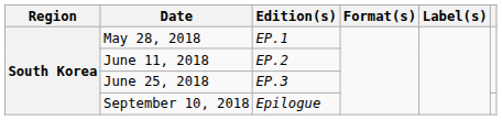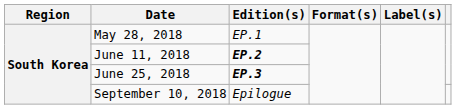 <table class="wikitable plainrowheaders">
 <tr>
 <th scope="col">Region</th>
 <th scope="col">Date</th>
 <th scope="col">Edition(s)</th>
 <th scope="col">Format(s)</th>
 <th scope="col">Label(s)</th>
 <th scope="col"></th>
 </tr>
 <tr>
 <th scope="row" rowspan="4">South Korea</th>
 <td>May 28, 2018</td>
 <td><em>EP.1</em></td>
 <td rowspan="4"></td>
 <td rowspan="4"></td>
 <td style="text-align:center" rowspan="3"></td>
 </tr>
 <tr>
 <td>June 11, 2018</td>
-<td><em>EP.2</em></td>
+<td><strong><em>EP.2</em></strong></td>
 </tr>
 <tr>
 <td>June 25, 2018</td>
-<td><em>EP.3</em></td>
+<td><strong><em>EP.3</em></strong></td>
 </tr>
 <tr>
 <td>September 10, 2018</td>
 <td><em>Epilogue</em></td>
 <td style="text-align:center"></td>
 </tr>
 </table>
